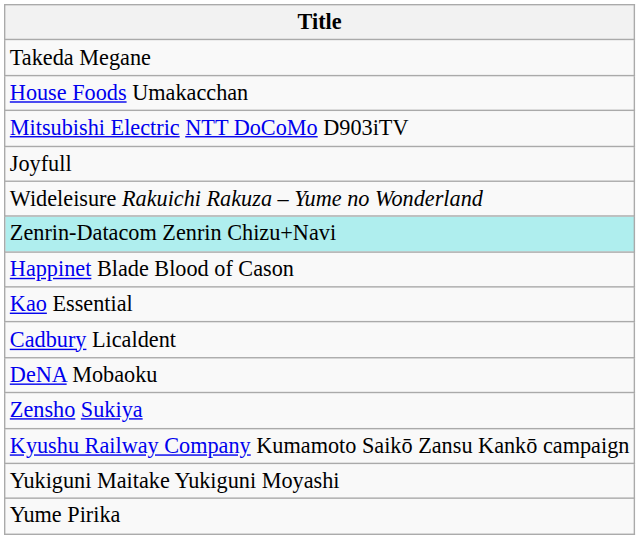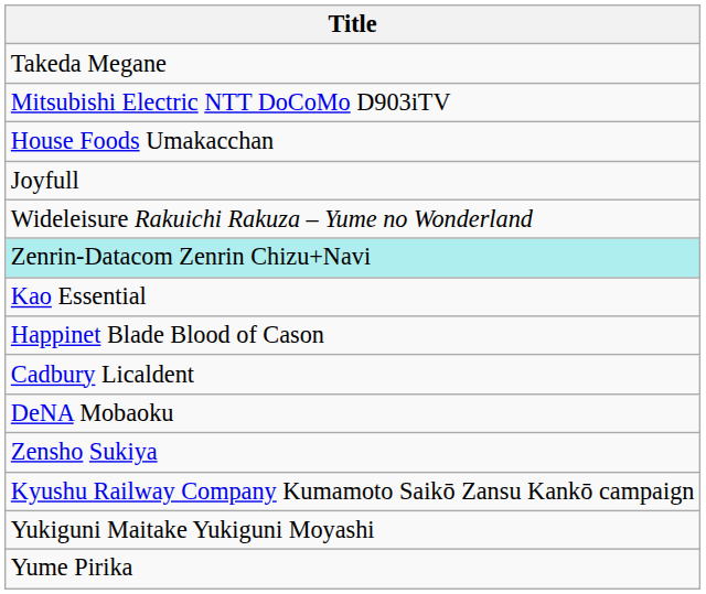 <table class="wikitable">
 <tr>
 <th>Title</th>
 </tr>
 <tr>
 <td>Takeda Megane</td>
 </tr>
 <tr>
-<td><a href='#'>House Foods</a> Umakacchan</td>
+<td><a href='#'>Mitsubishi Electric</a> <a href='#'>NTT DoCoMo</a> D903iTV</td>
 </tr>
 <tr>
-<td><a href='#'>Mitsubishi Electric</a> <a href='#'>NTT DoCoMo</a> D903iTV</td>
+<td><a href='#'>House Foods</a> Umakacchan</td>
 </tr>
 <tr>
 <td>Joyfull</td>
 </tr>
 <tr>
 <td>Wideleisure <em>Rakuichi Rakuza – Yume no Wonderland</em></td>
 </tr>
 <tr>
 <td style="background: paleturquoise;">Zenrin-Datacom Zenrin Chizu+Navi</td>
 </tr>
 <tr>
-<td><a href='#'>Happinet</a> Blade Blood of Cason</td>
+<td><a href='#'>Kao</a> Essential</td>
 </tr>
 <tr>
-<td><a href='#'>Kao</a> Essential</td>
+<td><a href='#'>Happinet</a> Blade Blood of Cason</td>
 </tr>
 <tr>
 <td><a href='#'>Cadbury</a> Licaldent</td>
 </tr>
 <tr>
 <td><a href='#'>DeNA</a> Mobaoku</td>
 </tr>
 <tr>
 <td><a href='#'>Zensho</a> <a href='#'>Sukiya</a></td>
 </tr>
 <tr>
 <td><a href='#'>Kyushu Railway Company</a> Kumamoto Saikō Zansu Kankō campaign</td>
 </tr>
 <tr>
 <td>Yukiguni Maitake Yukiguni Moyashi</td>
 </tr>
 <tr>
 <td>Yume Pirika</td>
 </tr>
 </table>
